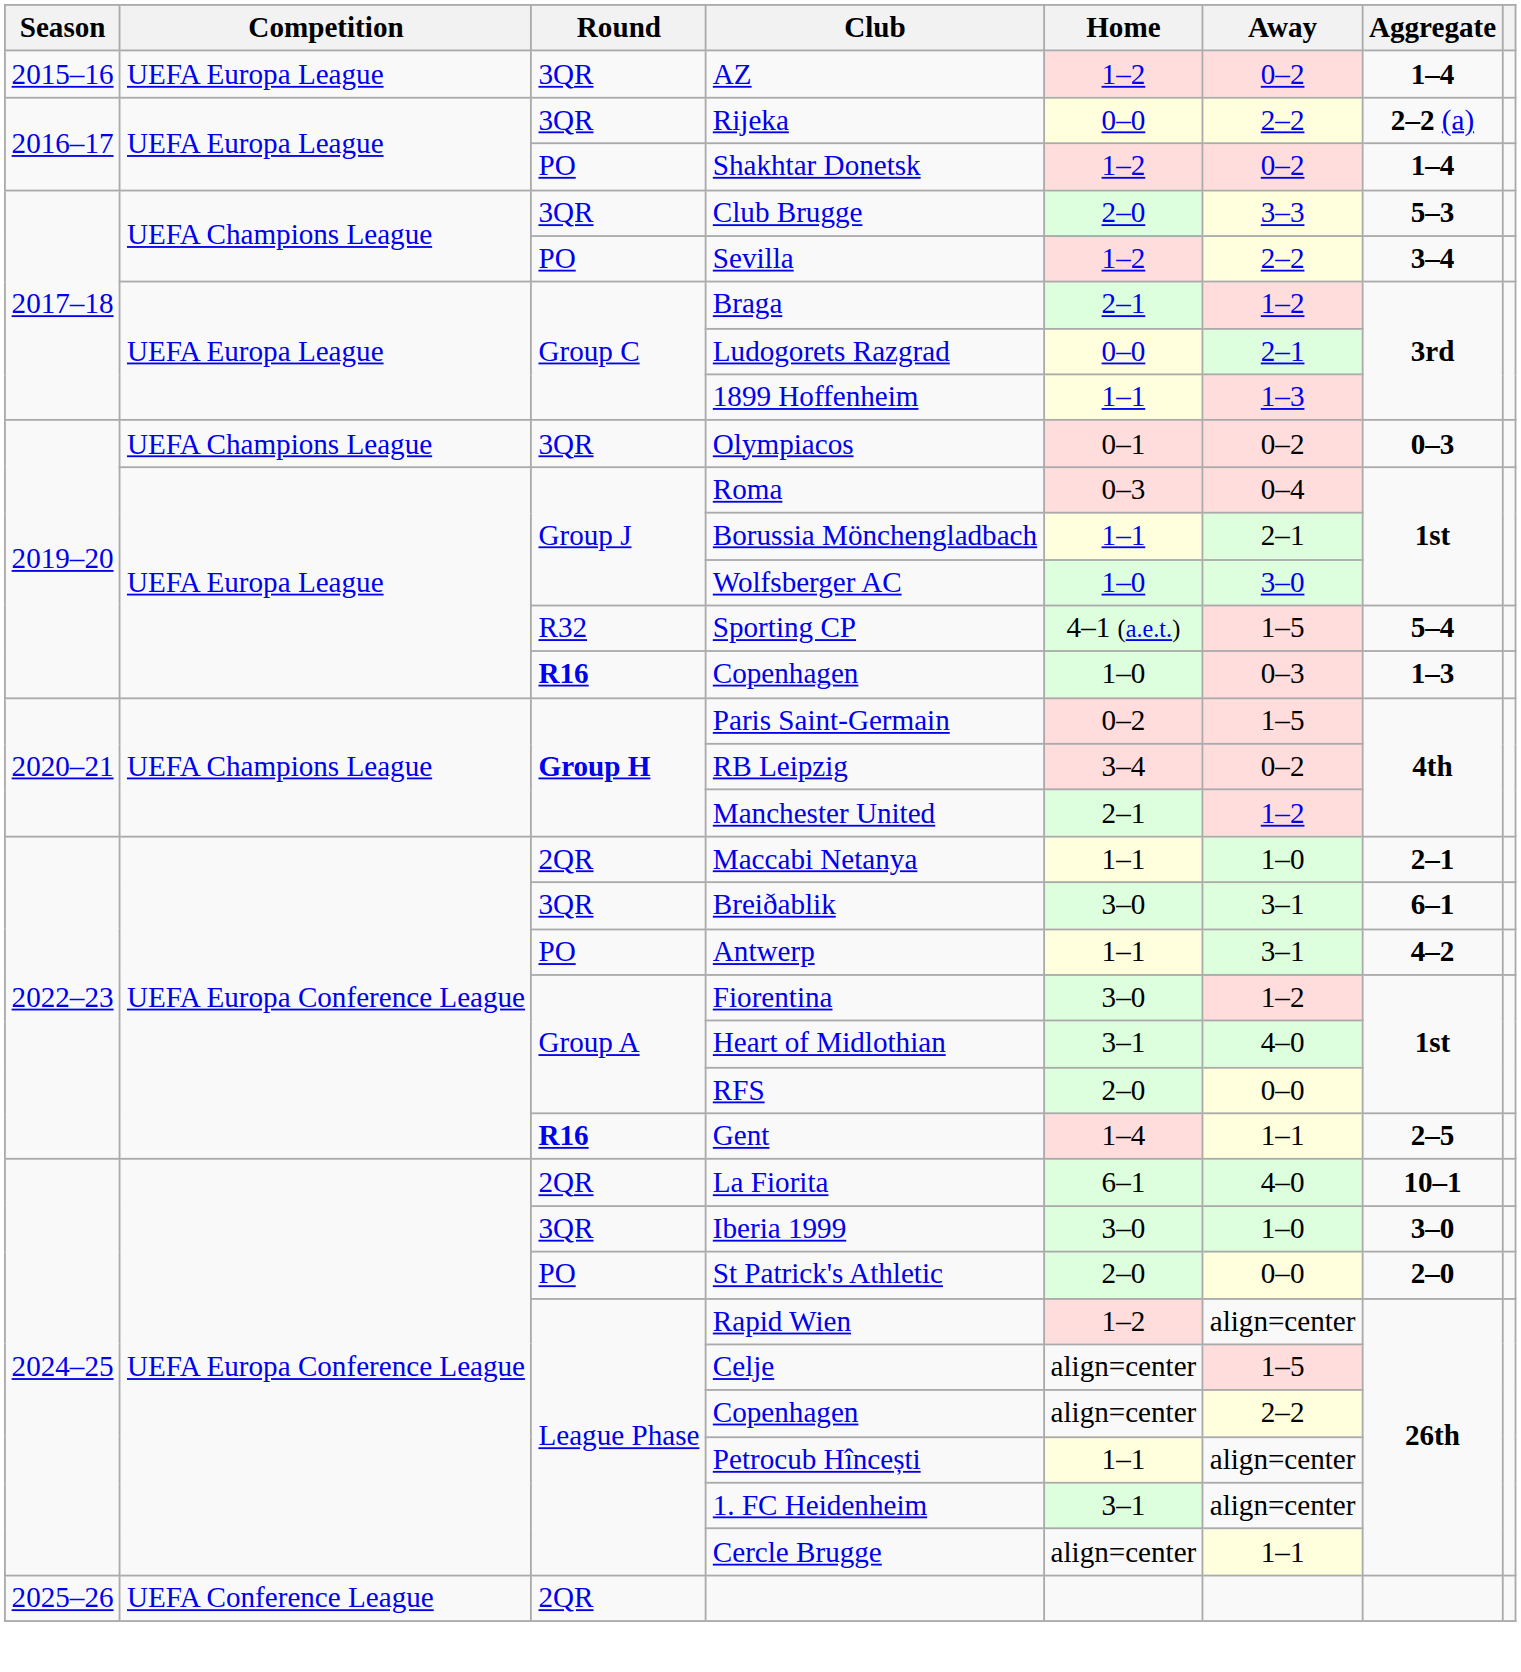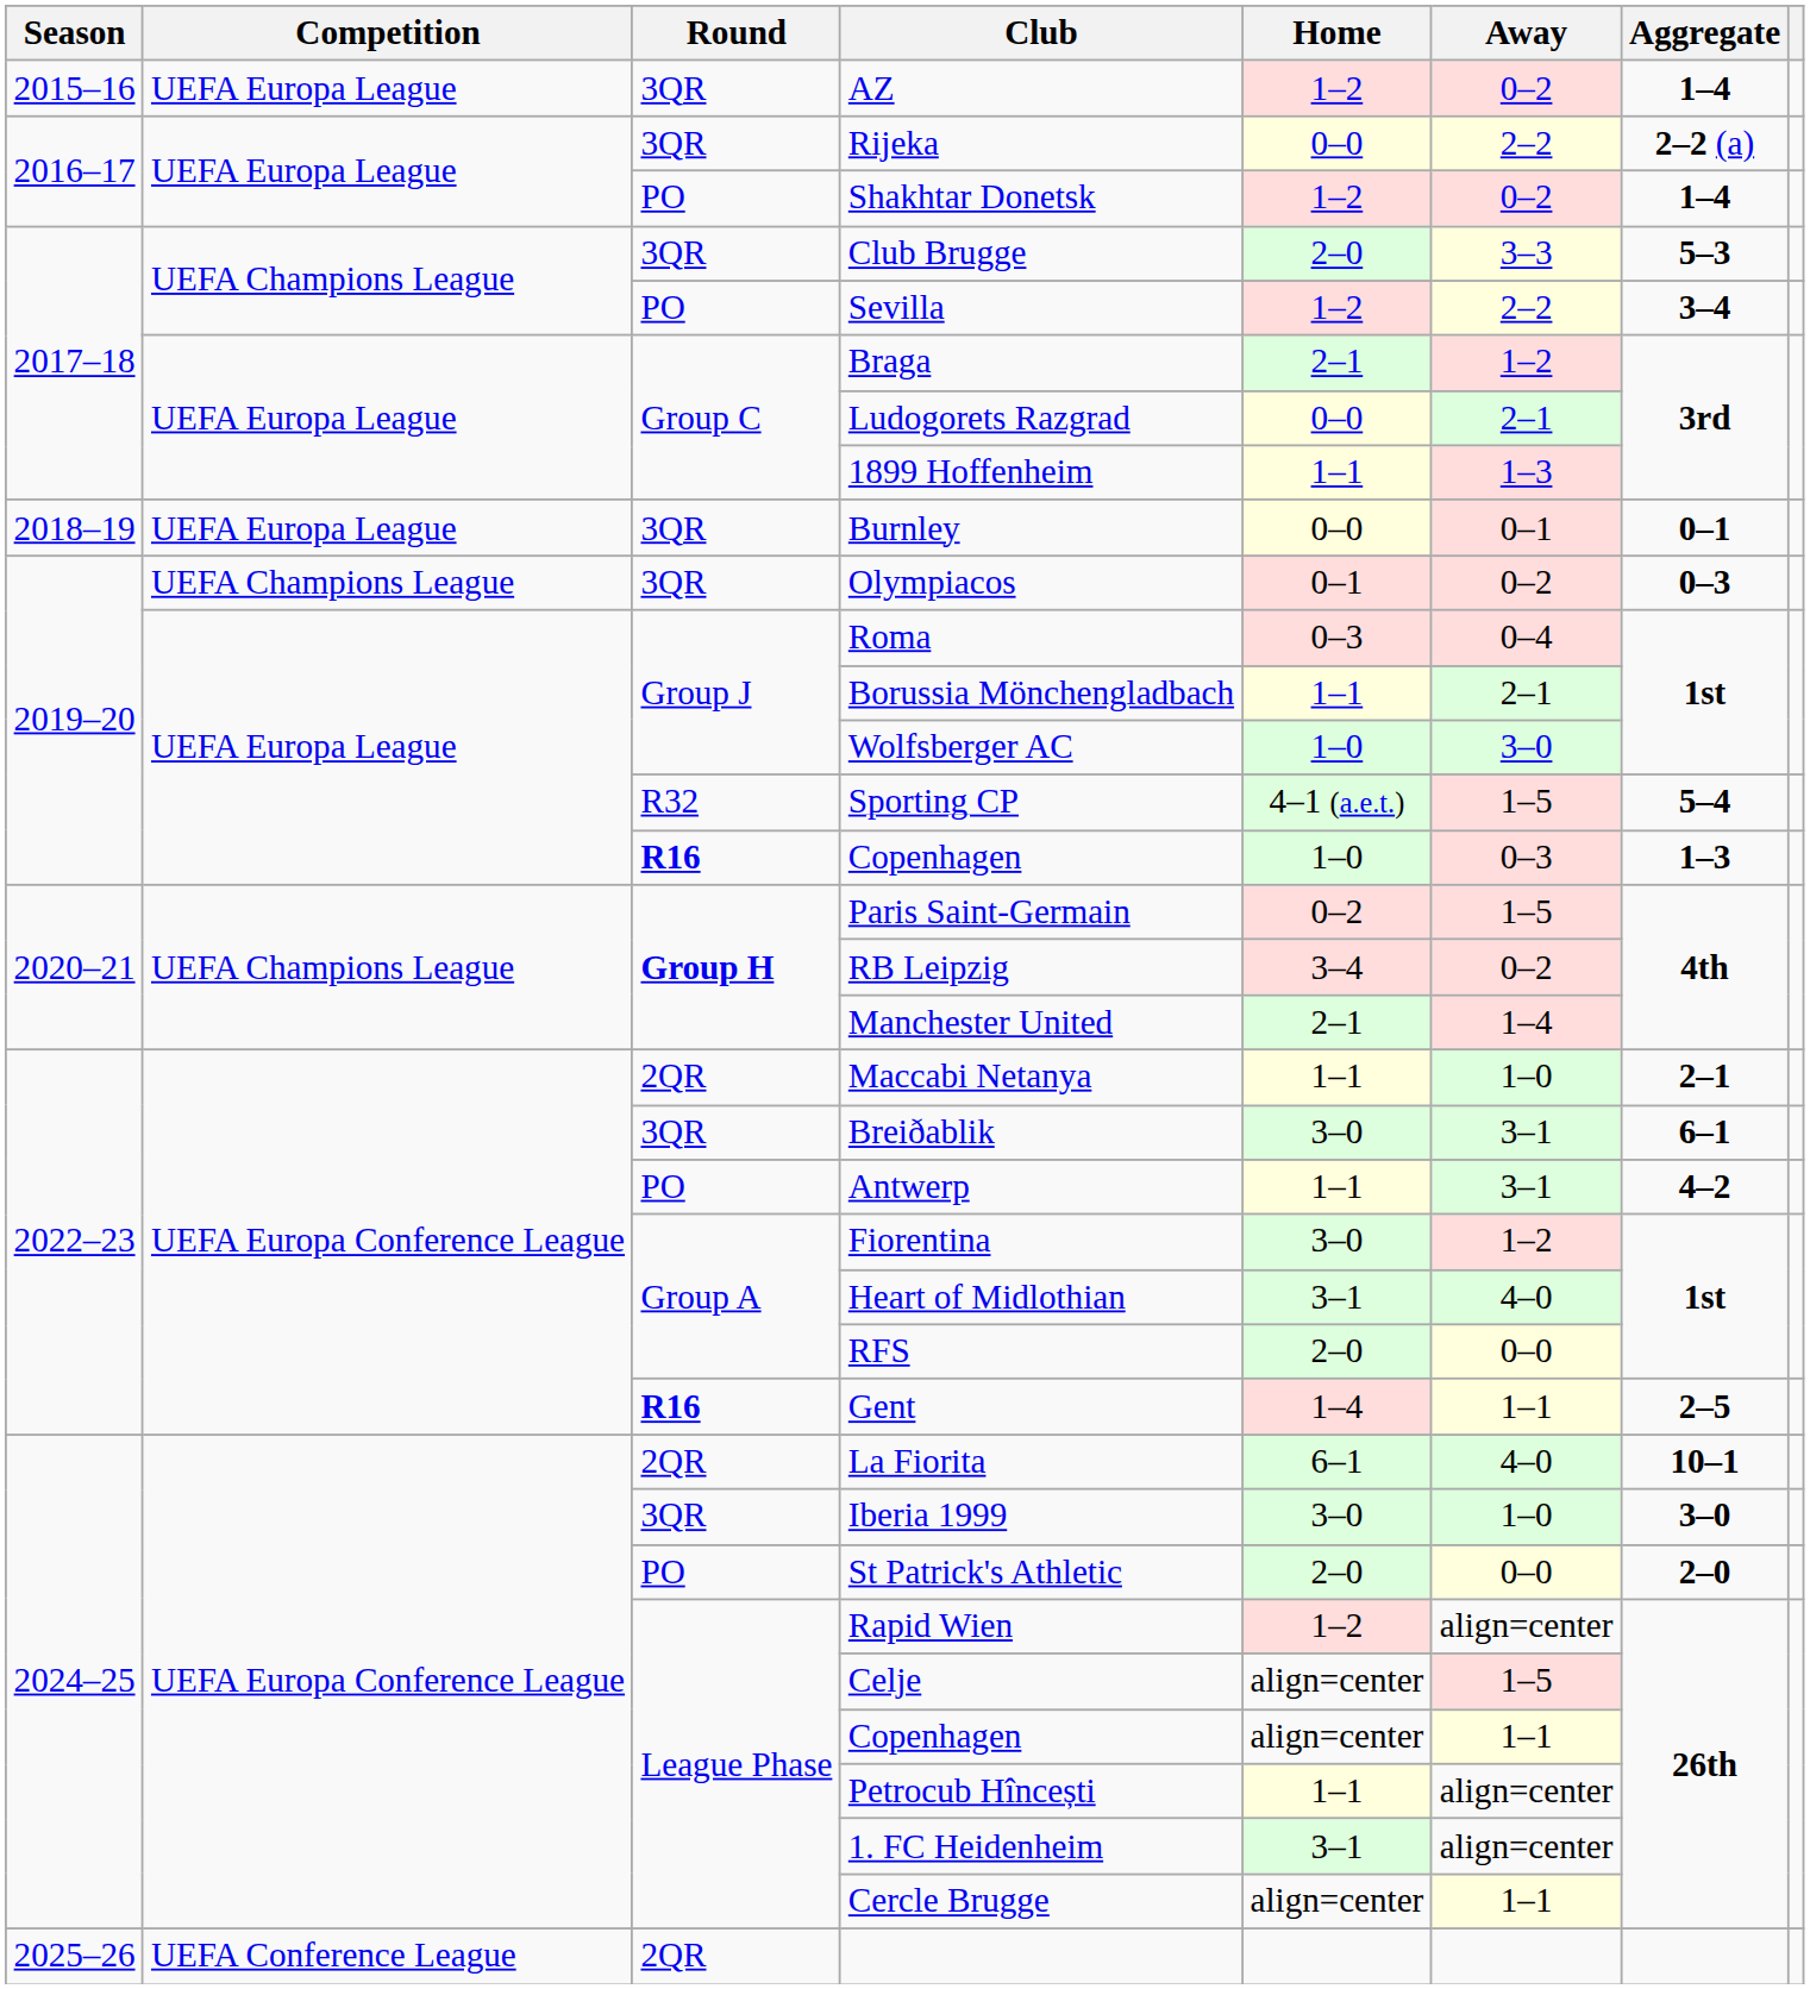 <table class="wikitable">
 <tr>
 <th>Season</th>
 <th>Competition</th>
 <th>Round</th>
 <th>Club</th>
 <th>Home</th>
 <th>Away</th>
 <th>Aggregate</th>
 <th></th>
 </tr>
 <tr>
 <td><a href='#'>2015–16</a></td>
 <td><a href='#'>UEFA Europa League</a></td>
 <td><a href='#'>3QR</a></td>
 <td> <a href='#'>AZ</a></td>
 <td style="text-align:center; background:#fdd;"><a href='#'>1–2</a></td>
 <td style="text-align:center; background:#fdd;"><a href='#'>0–2</a></td>
 <td style="text-align:center;"><strong>1–4</strong></td>
 <td></td>
 </tr>
 <tr>
 <td rowspan="2"><a href='#'>2016–17</a></td>
 <td rowspan="2"><a href='#'>UEFA Europa League</a></td>
 <td><a href='#'>3QR</a></td>
 <td> <a href='#'>Rijeka</a></td>
 <td style="text-align:center; background:#ffd;"><a href='#'>0–0</a></td>
 <td style="text-align:center; background:#ffd;"><a href='#'>2–2</a></td>
 <td style="text-align:center;"><strong>2–2</strong> <a href='#'>(a)</a></td>
 <td></td>
 </tr>
 <tr>
 <td><a href='#'>PO</a></td>
 <td> <a href='#'>Shakhtar Donetsk</a></td>
 <td style="text-align:center; background:#fdd;"><a href='#'>1–2</a></td>
 <td style="text-align:center; background:#fdd;"><a href='#'>0–2</a></td>
 <td style="text-align:center;"><strong>1–4</strong></td>
 <td></td>
 </tr>
 <tr>
 <td rowspan="5"><a href='#'>2017–18</a></td>
 <td rowspan="2"><a href='#'>UEFA Champions League</a></td>
 <td><a href='#'>3QR</a></td>
 <td> <a href='#'>Club Brugge</a></td>
 <td style="text-align:center; background:#dfd;"><a href='#'>2–0</a></td>
 <td style="text-align:center; background:#ffd;"><a href='#'>3–3</a></td>
 <td style="text-align:center;"><strong>5–3</strong></td>
 <td></td>
 </tr>
 <tr>
 <td><a href='#'>PO</a></td>
 <td> <a href='#'>Sevilla</a></td>
 <td style="text-align:center; background:#fdd;"><a href='#'>1–2</a></td>
 <td style="text-align:center; background:#ffd;"><a href='#'>2–2</a></td>
 <td style="text-align:center;"><strong>3–4</strong></td>
 <td></td>
 </tr>
 <tr>
 <td rowspan="3"><a href='#'>UEFA Europa League</a></td>
 <td rowspan="3"><a href='#'>Group C</a></td>
 <td> <a href='#'>Braga</a></td>
 <td style="text-align:center; background:#dfd;"><a href='#'>2–1</a></td>
 <td style="text-align:center; background:#fdd;"><a href='#'>1–2</a></td>
 <td rowspan="3" style="text-align:center;"><strong>3rd</strong></td>
 <td rowspan="3"></td>
 </tr>
 <tr>
 <td> <a href='#'>Ludogorets Razgrad</a></td>
 <td style="text-align:center; background:#ffd;"><a href='#'>0–0</a></td>
 <td style="text-align:center; background:#dfd;"><a href='#'>2–1</a></td>
 </tr>
 <tr>
 <td> <a href='#'>1899 Hoffenheim</a></td>
 <td style="text-align:center; background:#ffd;"><a href='#'>1–1</a></td>
 <td style="text-align:center; background:#fdd;"><a href='#'>1–3</a></td>
 </tr>
 <tr>
+<td><a href='#'>2018–19</a></td>
+<td><a href='#'>UEFA Europa League</a></td>
+<td><a href='#'>3QR</a></td>
+<td> <a href='#'>Burnley</a></td>
+<td style="text-align:center; background:#ffd;">0–0</td>
+<td style="text-align:center; background:#fdd;">0–1</td>
+<td style="text-align:center;"><strong>0–1</strong></td>
+<td></td>
+</tr>
+<tr>
 <td rowspan="6"><a href='#'>2019–20</a></td>
 <td><a href='#'>UEFA Champions League</a></td>
 <td><a href='#'>3QR</a></td>
 <td> <a href='#'>Olympiacos</a></td>
 <td style="text-align:center; background:#fdd;">0–1</td>
 <td style="text-align:center; background:#fdd;">0–2</td>
 <td style="text-align:center;"><strong>0–3</strong></td>
 <td></td>
 </tr>
 <tr>
 <td rowspan="5"><a href='#'>UEFA Europa League</a></td>
 <td rowspan="3"><a href='#'>Group J</a></td>
 <td> <a href='#'>Roma</a></td>
 <td style="text-align:center;background:#fdd;">0–3</td>
 <td style="text-align:center; background:#fdd;">0–4</td>
 <td rowspan="3" style="text-align:center;"><strong>1st</strong></td>
 <td rowspan="3"></td>
 </tr>
 <tr>
 <td> <a href='#'>Borussia Mönchengladbach</a></td>
 <td style="text-align:center; background:#ffd;"><a href='#'>1–1</a></td>
 <td style="text-align:center;background:#dfd;">2–1</td>
 </tr>
 <tr>
 <td> <a href='#'>Wolfsberger AC</a></td>
 <td style="text-align:center; background:#dfd;"><a href='#'>1–0</a></td>
 <td style="text-align:center; background:#dfd;"><a href='#'>3–0</a></td>
 </tr>
 <tr>
 <td><a href='#'>R32</a></td>
 <td> <a href='#'>Sporting CP</a></td>
 <td style="text-align:center; background:#dfd;">4–1 <small>(<a href='#'>a.e.t.</a>)</small></td>
 <td style="text-align:center; background:#fdd;">1–5</td>
 <td style="text-align:center;"><strong>5–4</strong></td>
 <td></td>
 </tr>
 <tr>
 <td><a href='#'><strong>R16</strong></a></td>
 <td> <a href='#'>Copenhagen</a></td>
 <td style="text-align:center; background:#dfd;">1–0</td>
 <td style="text-align:center; background:#fdd;">0–3</td>
 <td style="text-align:center;"><strong>1–3</strong></td>
 <td></td>
 </tr>
 <tr>
 <td rowspan="3"><a href='#'>2020–21</a></td>
 <td rowspan="3"><a href='#'>UEFA Champions League</a></td>
 <td rowspan="3"><a href='#'><strong>Group H</strong></a></td>
 <td> <a href='#'>Paris Saint-Germain</a></td>
 <td style="text-align:center; background:#fdd;">0–2</td>
 <td style="text-align:center; background:#fdd;">1–5</td>
 <td rowspan="3" style="text-align:center;"><strong>4th</strong></td>
 <td rowspan="3"></td>
 </tr>
 <tr>
 <td> <a href='#'>RB Leipzig</a></td>
 <td style="text-align:center; background:#fdd;">3–4</td>
 <td style="text-align:center; background:#fdd;">0–2</td>
 </tr>
 <tr>
 <td> <a href='#'>Manchester United</a></td>
 <td style="text-align:center; background:#dfd;">2–1</td>
-<td style="text-align:center; background:#fdd;"><a href='#'>1–2</a></td>
+<td style="text-align:center; background:#fdd;">1–4</td>
 </tr>
 <tr>
 <td rowspan="7"><a href='#'>2022–23</a></td>
 <td rowspan="7"><a href='#'>UEFA Europa Conference League</a></td>
 <td><a href='#'>2QR</a></td>
 <td> <a href='#'>Maccabi Netanya</a></td>
 <td style="text-align:center; background:#ffd;">1–1</td>
 <td style="text-align:center; background:#dfd;">1–0</td>
 <td style="text-align:center;"><strong>2–1</strong></td>
 <td></td>
 </tr>
 <tr>
 <td><a href='#'>3QR</a></td>
 <td> <a href='#'>Breiðablik</a></td>
 <td style="text-align:center; background:#dfd;">3–0</td>
 <td style="text-align:center; background:#dfd;">3–1</td>
 <td style="text-align:center;"><strong>6–1</strong></td>
 <td></td>
 </tr>
 <tr>
 <td><a href='#'>PO</a></td>
 <td> <a href='#'>Antwerp</a></td>
 <td style="text-align:center; background:#ffd;">1–1</td>
 <td style="text-align:center; background:#dfd;">3–1</td>
 <td style="text-align:center;"><strong>4–2</strong></td>
 <td></td>
 </tr>
 <tr>
 <td rowspan="3"><a href='#'>Group A</a></td>
 <td> <a href='#'>Fiorentina</a></td>
 <td style="text-align:center; background:#dfd;">3–0</td>
 <td style="text-align:center; background:#fdd;">1–2</td>
 <td rowspan="3" style="text-align:center;"><strong>1st</strong></td>
 <td rowspan="3"></td>
 </tr>
 <tr>
 <td> <a href='#'>Heart of Midlothian</a></td>
 <td style="text-align:center; background:#dfd;">3–1</td>
 <td style="text-align:center; background:#dfd;">4–0</td>
 </tr>
 <tr>
 <td> <a href='#'>RFS</a></td>
 <td style="text-align:center; background:#dfd;">2–0</td>
 <td style="text-align:center; background:#ffd;">0–0</td>
 </tr>
 <tr>
 <td><a href='#'><strong>R16</strong></a></td>
 <td> <a href='#'>Gent</a></td>
 <td style="text-align:center; background:#fdd">1–4</td>
 <td style="text-align:center; background:#ffd;">1–1</td>
 <td style="text-align:center;"><strong>2–5</strong></td>
 <td></td>
 </tr>
 <tr>
 <td rowspan="9"><a href='#'>2024–25</a></td>
 <td rowspan="9"><a href='#'>UEFA Europa Conference League</a></td>
 <td><a href='#'>2QR</a></td>
 <td> <a href='#'>La Fiorita</a></td>
 <td style="text-align:center; background:#dfd;">6–1</td>
 <td style="text-align:center; background:#dfd;">4–0</td>
 <td style="text-align:center;"><strong>10–1</strong></td>
 <td></td>
 </tr>
 <tr>
 <td><a href='#'>3QR</a></td>
 <td> <a href='#'>Iberia 1999</a></td>
 <td style="text-align:center; background:#dfd;">3–0</td>
 <td style="text-align:center; background:#dfd;">1–0</td>
 <td style="text-align:center;"><strong>3–0</strong></td>
 <td></td>
 </tr>
 <tr>
 <td><a href='#'>PO</a></td>
 <td> <a href='#'>St Patrick's Athletic</a></td>
 <td style="text-align:center; background:#dfd;">2–0</td>
 <td style="text-align:center; background:#ffd;">0–0</td>
 <td style="text-align:center;"><strong>2–0</strong></td>
 <td></td>
 </tr>
 <tr>
 <td rowspan="6"><a href='#'>League Phase</a></td>
 <td> <a href='#'>Rapid Wien</a></td>
 <td style="text-align:center; background:#fdd">1–2</td>
 <td>align=center </td>
 <td rowspan="6" style="text-align:center;"><strong>26th</strong></td>
 <td rowspan="6"></td>
 </tr>
 <tr>
 <td> <a href='#'>Celje</a></td>
 <td>align=center </td>
 <td style="text-align:center; background:#fdd">1–5</td>
 </tr>
 <tr>
 <td> <a href='#'>Copenhagen</a></td>
 <td>align=center </td>
-<td style="text-align:center; background:#ffd;">2–2</td>
+<td style="text-align:center; background:#ffd;">1–1</td>
 </tr>
 <tr>
 <td> <a href='#'>Petrocub Hîncești</a></td>
 <td style="text-align:center; background:#ffd;">1–1</td>
 <td>align=center </td>
 </tr>
 <tr>
 <td> <a href='#'>1. FC Heidenheim</a></td>
 <td style="text-align:center; background:#dfd;">3–1</td>
 <td>align=center </td>
 </tr>
 <tr>
 <td> <a href='#'>Cercle Brugge</a></td>
 <td>align=center </td>
 <td style="text-align:center; background:#ffd;">1–1</td>
 </tr>
 <tr>
 <td><a href='#'>2025–26</a></td>
 <td><a href='#'>UEFA Conference League</a></td>
 <td><a href='#'>2QR</a></td>
 <td></td>
 <td style="text-align:center;"></td>
 <td style="text-align:center;"></td>
 <td style="text-align:center;"></td>
 <td></td>
 </tr>
 </table>
